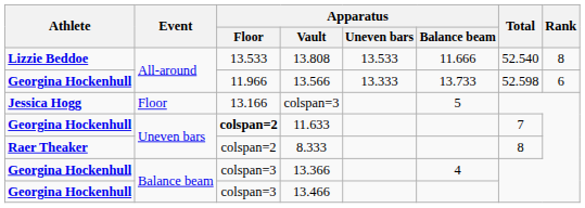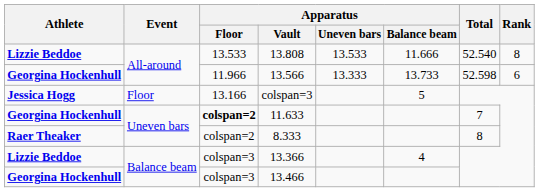 <table class="wikitable" style="font-size:90%">
 <tr>
 <th rowspan=2>Athlete</th>
 <th rowspan=2>Event</th>
 <th colspan=4>Apparatus</th>
 <th rowspan=2>Total</th>
 <th rowspan=2>Rank</th>
 </tr>
 <tr style="font-size:95%">
 <th>Floor</th>
 <th>Vault</th>
 <th>Uneven bars</th>
 <th>Balance beam</th>
 </tr>
 <tr align=center>
 <td align=left><strong><a href='#'>Lizzie Beddoe</a></strong></td>
 <td align=left rowspan=2><a href='#'>All-around</a></td>
 <td>13.533</td>
 <td>13.808</td>
 <td>13.533</td>
 <td>11.666</td>
 <td>52.540</td>
 <td>8</td>
 </tr>
 <tr align=center>
 <td align=left><strong><a href='#'>Georgina Hockenhull</a></strong></td>
 <td>11.966</td>
 <td>13.566</td>
 <td>13.333</td>
 <td>13.733</td>
 <td>52.598</td>
 <td>6</td>
 </tr>
 <tr align=center>
 <td align=left><strong><a href='#'>Jessica Hogg</a></strong></td>
 <td align=left><a href='#'>Floor</a></td>
 <td>13.166</td>
 <td>colspan=3 </td>
 <td></td>
 <td>5</td>
 </tr>
 <tr align=center>
 <td align=left><strong><a href='#'>Georgina Hockenhull</a></strong></td>
 <td align=left rowspan=2><a href='#'>Uneven bars</a></td>
 <td><strong>colspan=2 </strong></td>
 <td>11.633</td>
 <td></td>
 <td></td>
 <td>7</td>
 </tr>
 <tr align=center>
 <td align=left><strong><a href='#'>Raer Theaker</a></strong></td>
 <td>colspan=2 </td>
 <td>8.333</td>
 <td></td>
 <td></td>
 <td>8</td>
 </tr>
 <tr align=center>
-<td align=left><strong><a href='#'>Georgina Hockenhull</a></strong></td>
+<td align=left><strong><a href='#'>Lizzie Beddoe</a></strong></td>
 <td align=left rowspan=2><a href='#'>Balance beam</a></td>
 <td>colspan=3 </td>
 <td>13.366</td>
 <td></td>
 <td>4</td>
 </tr>
 <tr align=center>
 <td align=left><strong><a href='#'>Georgina Hockenhull</a></strong></td>
 <td>colspan=3 </td>
 <td>13.466</td>
 <td></td>
 <td></td>
 </tr>
 </table>
